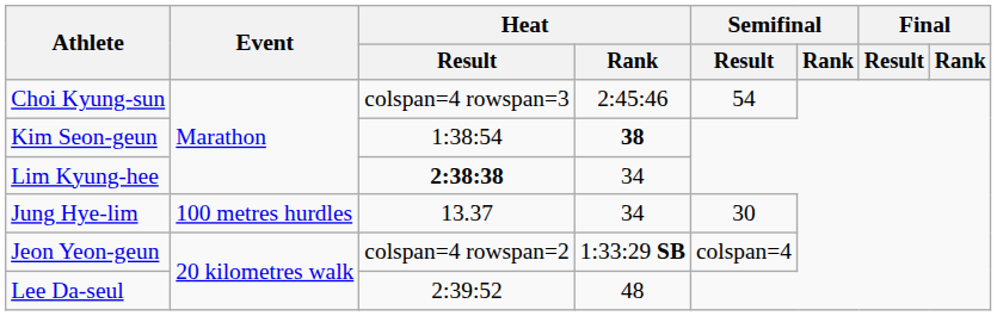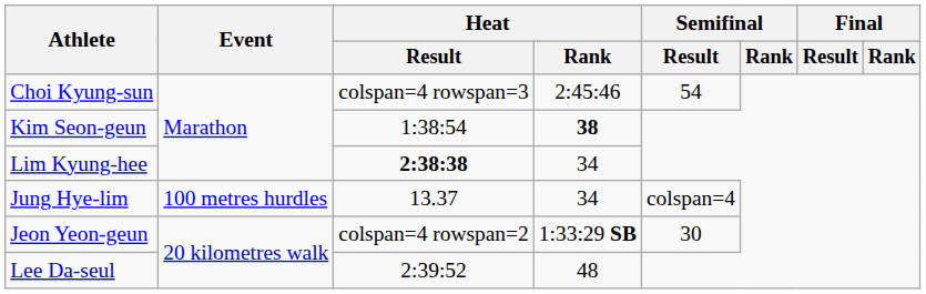 <table class="wikitable" style="font-size:90%">
 <tr>
 <th rowspan="2">Athlete</th>
 <th rowspan="2">Event</th>
 <th colspan="2">Heat</th>
 <th colspan="2">Semifinal</th>
 <th colspan="2">Final</th>
 </tr>
 <tr style="font-size:95%">
 <th>Result</th>
 <th>Rank</th>
 <th>Result</th>
 <th>Rank</th>
 <th>Result</th>
 <th>Rank</th>
 </tr>
 <tr style=text-align:center>
 <td style=text-align:left><a href='#'>Choi Kyung-sun</a></td>
 <td style=text-align:left rowspan=3><a href='#'>Marathon</a></td>
 <td>colspan=4 rowspan=3 </td>
 <td>2:45:46</td>
 <td>54</td>
 </tr>
 <tr style=text-align:center>
 <td style=text-align:left><a href='#'>Kim Seon-geun</a></td>
 <td>1:38:54</td>
 <td><strong>38</strong></td>
 </tr>
 <tr style=text-align:center>
 <td style=text-align:left><a href='#'>Lim Kyung-hee</a></td>
 <td><strong>2:38:38</strong></td>
 <td>34</td>
 </tr>
 <tr style=text-align:center>
 <td style=text-align:left><a href='#'>Jung Hye-lim</a></td>
 <td style=text-align:left><a href='#'>100 metres hurdles</a></td>
 <td>13.37</td>
 <td>34</td>
-<td>30</td>
+<td>colspan=4 </td>
 </tr>
 <tr style=text-align:center>
 <td style=text-align:left><a href='#'>Jeon Yeon-geun</a></td>
 <td style=text-align:left rowspan=2><a href='#'>20 kilometres walk</a></td>
 <td>colspan=4 rowspan=2 </td>
 <td>1:33:29 <strong>SB</strong></td>
-<td>colspan=4 </td>
+<td>30</td>
 </tr>
 <tr style=text-align:center>
 <td style=text-align:left><a href='#'>Lee Da-seul</a></td>
 <td>2:39:52</td>
 <td>48</td>
 </tr>
 </table>
